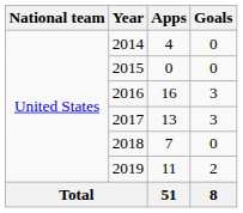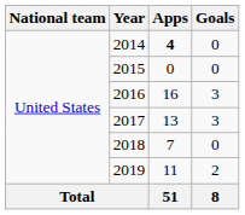 <table class="wikitable" style="text-align:center">
 <tr>
 <th>National team</th>
 <th>Year</th>
 <th>Apps</th>
 <th>Goals</th>
 </tr>
 <tr>
 <td rowspan="6"><a href='#'>United States</a></td>
 <td>2014</td>
-<td>4</td>
+<td><strong>4</strong></td>
 <td>0</td>
 </tr>
 <tr>
 <td>2015</td>
 <td>0</td>
 <td>0</td>
 </tr>
 <tr>
 <td>2016</td>
 <td>16</td>
 <td>3</td>
 </tr>
 <tr>
 <td>2017</td>
 <td>13</td>
 <td>3</td>
 </tr>
 <tr>
 <td>2018</td>
 <td>7</td>
 <td>0</td>
 </tr>
 <tr>
 <td>2019</td>
 <td>11</td>
 <td>2</td>
 </tr>
 <tr>
 <th colspan="2">Total</th>
 <th>51</th>
 <th>8</th>
 </tr>
 </table>
